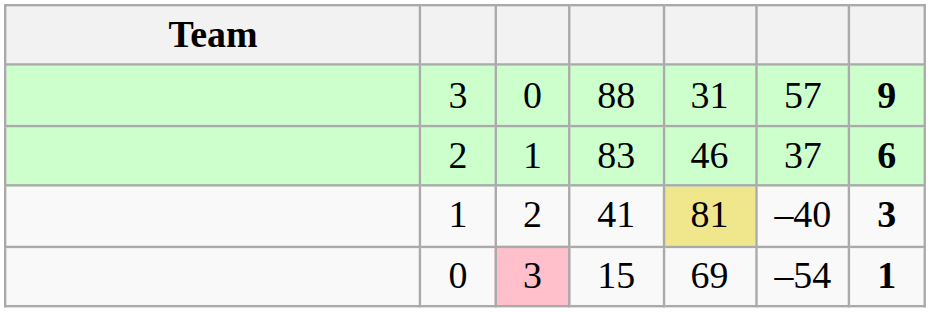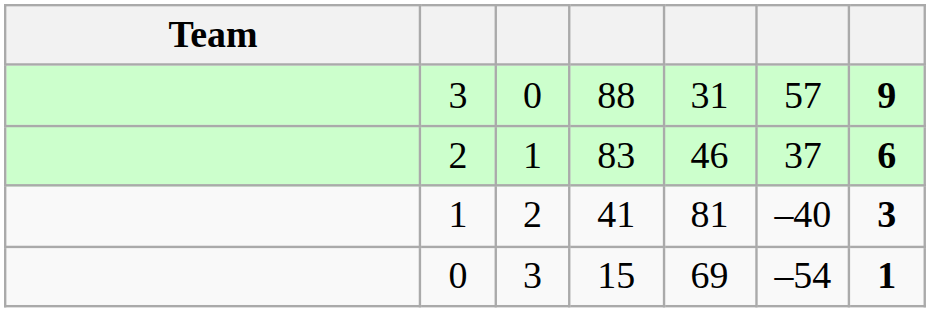 <table class="wikitable" style="text-align:center;">
 <tr>
 <th style="width:10.5em;">Team</th>
 <th style="width:1.5em;"></th>
 <th style="width:1.5em;"></th>
 <th style="width:2.0em;"></th>
 <th style="width:2.0em;"></th>
 <th style="width:2.0em;"></th>
 <th style="width:1.5em;"></th>
 </tr>
 <tr bgcolor=#cfc>
 <td align="left"></td>
 <td>3</td>
 <td>0</td>
 <td>88</td>
 <td>31</td>
 <td>57</td>
 <td><strong>9</strong></td>
 </tr>
 <tr bgcolor=#cfc>
 <td align="left"></td>
 <td>2</td>
 <td>1</td>
 <td>83</td>
 <td>46</td>
 <td>37</td>
 <td><strong>6</strong></td>
 </tr>
 <tr>
 <td align="left"></td>
 <td>1</td>
 <td>2</td>
 <td>41</td>
-<td style="background: khaki;">81</td>
+<td>81</td>
 <td>–40</td>
 <td><strong>3</strong></td>
 </tr>
 <tr>
 <td align="left"></td>
 <td>0</td>
-<td style="background: pink;">3</td>
+<td>3</td>
 <td>15</td>
 <td>69</td>
 <td>–54</td>
 <td><strong>1</strong></td>
 </tr>
 </table>
